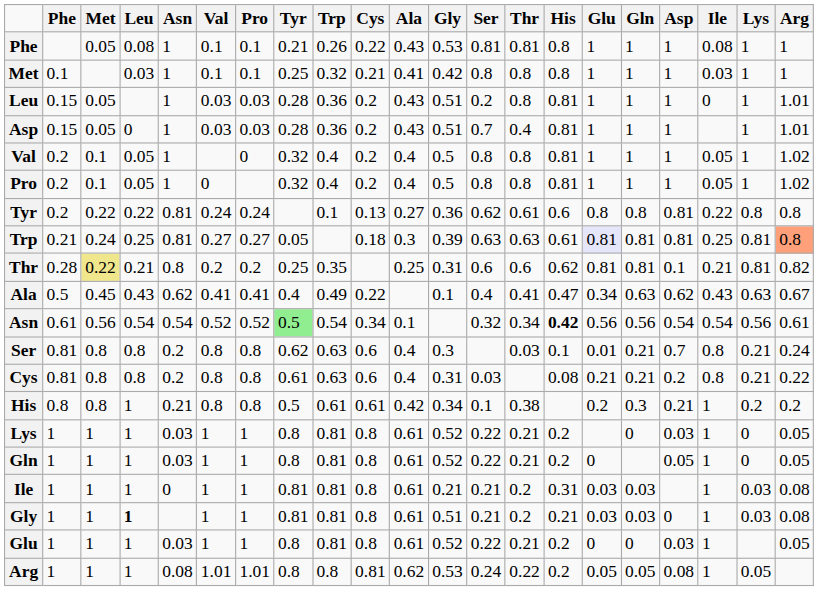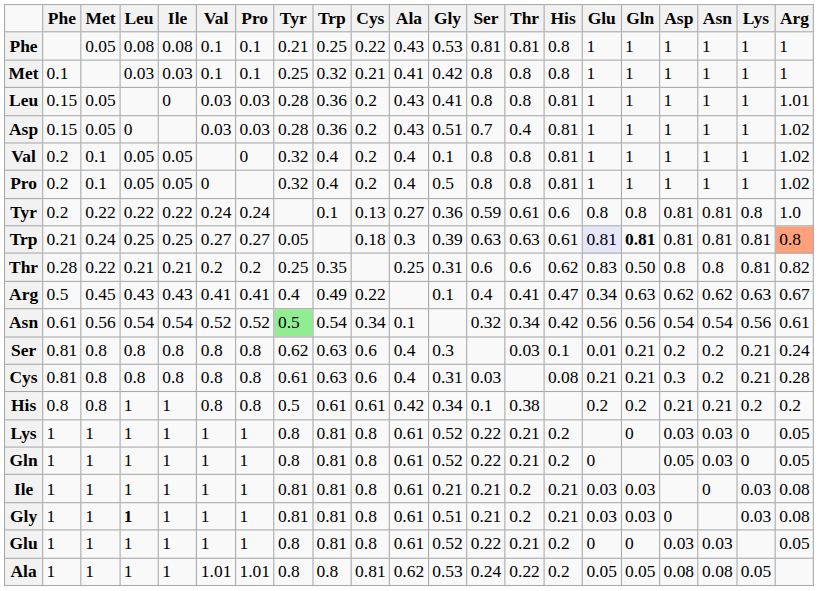 <table class="wikitable">
 <tr>
 <td></td>
 <th>Phe</th>
 <th>Met</th>
 <th>Leu</th>
-<th>Asn</th>
+<th>Ile</th>
 <th>Val</th>
 <th>Pro</th>
 <th>Tyr</th>
 <th>Trp</th>
 <th>Cys</th>
 <th>Ala</th>
 <th>Gly</th>
 <th>Ser</th>
 <th>Thr</th>
 <th>His</th>
 <th>Glu</th>
 <th>Gln</th>
 <th>Asp</th>
-<th>Ile</th>
+<th>Asn</th>
 <th>Lys</th>
 <th>Arg</th>
 </tr>
 <tr>
 <th>Phe</th>
 <td></td>
 <td>0.05</td>
 <td>0.08</td>
-<td>1</td>
+<td>0.08</td>
 <td>0.1</td>
 <td>0.1</td>
 <td>0.21</td>
-<td>0.26</td>
+<td>0.25</td>
 <td>0.22</td>
 <td>0.43</td>
 <td>0.53</td>
 <td>0.81</td>
 <td>0.81</td>
 <td>0.8</td>
 <td>1</td>
 <td>1</td>
 <td>1</td>
-<td>0.08</td>
+<td>1</td>
 <td>1</td>
 <td>1</td>
 </tr>
 <tr>
 <th>Met</th>
 <td>0.1</td>
 <td></td>
 <td>0.03</td>
-<td>1</td>
+<td>0.03</td>
 <td>0.1</td>
 <td>0.1</td>
 <td>0.25</td>
 <td>0.32</td>
 <td>0.21</td>
 <td>0.41</td>
 <td>0.42</td>
 <td>0.8</td>
 <td>0.8</td>
 <td>0.8</td>
 <td>1</td>
 <td>1</td>
 <td>1</td>
-<td>0.03</td>
+<td>1</td>
 <td>1</td>
 <td>1</td>
 </tr>
 <tr>
 <th>Leu</th>
 <td>0.15</td>
 <td>0.05</td>
 <td></td>
-<td>1</td>
+<td>0</td>
 <td>0.03</td>
 <td>0.03</td>
 <td>0.28</td>
 <td>0.36</td>
 <td>0.2</td>
 <td>0.43</td>
-<td>0.51</td>
-<td>0.2</td>
+<td>0.41</td>
+<td>0.8</td>
 <td>0.8</td>
 <td>0.81</td>
 <td>1</td>
 <td>1</td>
 <td>1</td>
-<td>0</td>
+<td>1</td>
 <td>1</td>
 <td>1.01</td>
 </tr>
 <tr>
 <th>Asp</th>
 <td>0.15</td>
 <td>0.05</td>
 <td>0</td>
-<td>1</td>
+<td></td>
 <td>0.03</td>
 <td>0.03</td>
 <td>0.28</td>
 <td>0.36</td>
 <td>0.2</td>
 <td>0.43</td>
 <td>0.51</td>
 <td>0.7</td>
 <td>0.4</td>
 <td>0.81</td>
 <td>1</td>
 <td>1</td>
 <td>1</td>
-<td></td>
 <td>1</td>
-<td>1.01</td>
+<td>1</td>
+<td>1.02</td>
 </tr>
 <tr>
 <th>Val</th>
 <td>0.2</td>
 <td>0.1</td>
 <td>0.05</td>
-<td>1</td>
+<td>0.05</td>
 <td></td>
 <td>0</td>
 <td>0.32</td>
 <td>0.4</td>
 <td>0.2</td>
 <td>0.4</td>
-<td>0.5</td>
+<td>0.1</td>
 <td>0.8</td>
 <td>0.8</td>
 <td>0.81</td>
 <td>1</td>
 <td>1</td>
 <td>1</td>
-<td>0.05</td>
+<td>1</td>
 <td>1</td>
 <td>1.02</td>
 </tr>
 <tr>
 <th>Pro</th>
 <td>0.2</td>
 <td>0.1</td>
 <td>0.05</td>
-<td>1</td>
+<td>0.05</td>
 <td>0</td>
 <td></td>
 <td>0.32</td>
 <td>0.4</td>
 <td>0.2</td>
 <td>0.4</td>
 <td>0.5</td>
 <td>0.8</td>
 <td>0.8</td>
 <td>0.81</td>
 <td>1</td>
 <td>1</td>
 <td>1</td>
-<td>0.05</td>
+<td>1</td>
 <td>1</td>
 <td>1.02</td>
 </tr>
 <tr>
 <th>Tyr</th>
 <td>0.2</td>
 <td>0.22</td>
 <td>0.22</td>
-<td>0.81</td>
+<td>0.22</td>
 <td>0.24</td>
 <td>0.24</td>
 <td></td>
 <td>0.1</td>
 <td>0.13</td>
 <td>0.27</td>
 <td>0.36</td>
-<td>0.62</td>
+<td>0.59</td>
 <td>0.61</td>
 <td>0.6</td>
 <td>0.8</td>
 <td>0.8</td>
 <td>0.81</td>
-<td>0.22</td>
+<td>0.81</td>
 <td>0.8</td>
-<td>0.8</td>
+<td>1.0</td>
 </tr>
 <tr>
 <th>Trp</th>
 <td>0.21</td>
 <td>0.24</td>
 <td>0.25</td>
-<td>0.81</td>
+<td>0.25</td>
 <td>0.27</td>
 <td>0.27</td>
 <td>0.05</td>
 <td></td>
 <td>0.18</td>
 <td>0.3</td>
 <td>0.39</td>
 <td>0.63</td>
 <td>0.63</td>
 <td>0.61</td>
 <td style="background: lavender;">0.81</td>
+<td><strong>0.81</strong></td>
 <td>0.81</td>
 <td>0.81</td>
-<td>0.25</td>
 <td>0.81</td>
 <td style="background: lightsalmon;">0.8</td>
 </tr>
 <tr>
 <th>Thr</th>
 <td>0.28</td>
-<td style="background: khaki;">0.22</td>
+<td>0.22</td>
 <td>0.21</td>
-<td>0.8</td>
+<td>0.21</td>
 <td>0.2</td>
 <td>0.2</td>
 <td>0.25</td>
 <td>0.35</td>
 <td></td>
 <td>0.25</td>
 <td>0.31</td>
 <td>0.6</td>
 <td>0.6</td>
 <td>0.62</td>
-<td>0.81</td>
-<td>0.81</td>
-<td>0.1</td>
-<td>0.21</td>
+<td>0.83</td>
+<td>0.50</td>
+<td>0.8</td>
+<td>0.8</td>
 <td>0.81</td>
 <td>0.82</td>
 </tr>
 <tr>
-<th>Ala</th>
+<th>Arg</th>
 <td>0.5</td>
 <td>0.45</td>
 <td>0.43</td>
-<td>0.62</td>
+<td>0.43</td>
 <td>0.41</td>
 <td>0.41</td>
 <td>0.4</td>
 <td>0.49</td>
 <td>0.22</td>
 <td></td>
 <td>0.1</td>
 <td>0.4</td>
 <td>0.41</td>
 <td>0.47</td>
 <td>0.34</td>
 <td>0.63</td>
 <td>0.62</td>
-<td>0.43</td>
+<td>0.62</td>
 <td>0.63</td>
 <td>0.67</td>
 </tr>
 <tr>
 <th>Asn</th>
 <td>0.61</td>
 <td>0.56</td>
 <td>0.54</td>
 <td>0.54</td>
 <td>0.52</td>
 <td>0.52</td>
 <td style="background: lightgreen;">0.5</td>
 <td>0.54</td>
 <td>0.34</td>
 <td>0.1</td>
 <td></td>
 <td>0.32</td>
 <td>0.34</td>
-<td><strong>0.42</strong></td>
+<td>0.42</td>
 <td>0.56</td>
 <td>0.56</td>
 <td>0.54</td>
 <td>0.54</td>
 <td>0.56</td>
 <td>0.61</td>
 </tr>
 <tr>
 <th>Ser</th>
 <td>0.81</td>
 <td>0.8</td>
 <td>0.8</td>
-<td>0.2</td>
+<td>0.8</td>
 <td>0.8</td>
 <td>0.8</td>
 <td>0.62</td>
 <td>0.63</td>
 <td>0.6</td>
 <td>0.4</td>
 <td>0.3</td>
 <td></td>
 <td>0.03</td>
 <td>0.1</td>
 <td>0.01</td>
 <td>0.21</td>
-<td>0.7</td>
-<td>0.8</td>
+<td>0.2</td>
+<td>0.2</td>
 <td>0.21</td>
 <td>0.24</td>
 </tr>
 <tr>
 <th>Cys</th>
 <td>0.81</td>
 <td>0.8</td>
 <td>0.8</td>
-<td>0.2</td>
+<td>0.8</td>
 <td>0.8</td>
 <td>0.8</td>
 <td>0.61</td>
 <td>0.63</td>
 <td>0.6</td>
 <td>0.4</td>
 <td>0.31</td>
 <td>0.03</td>
 <td></td>
 <td>0.08</td>
 <td>0.21</td>
 <td>0.21</td>
+<td>0.3</td>
 <td>0.2</td>
-<td>0.8</td>
 <td>0.21</td>
-<td>0.22</td>
+<td>0.28</td>
 </tr>
 <tr>
 <th>His</th>
 <td>0.8</td>
 <td>0.8</td>
 <td>1</td>
-<td>0.21</td>
+<td>1</td>
 <td>0.8</td>
 <td>0.8</td>
 <td>0.5</td>
 <td>0.61</td>
 <td>0.61</td>
 <td>0.42</td>
 <td>0.34</td>
 <td>0.1</td>
 <td>0.38</td>
 <td></td>
 <td>0.2</td>
-<td>0.3</td>
+<td>0.2</td>
 <td>0.21</td>
-<td>1</td>
+<td>0.21</td>
 <td>0.2</td>
 <td>0.2</td>
 </tr>
 <tr>
 <th>Lys</th>
 <td>1</td>
 <td>1</td>
 <td>1</td>
-<td>0.03</td>
+<td>1</td>
 <td>1</td>
 <td>1</td>
 <td>0.8</td>
 <td>0.81</td>
 <td>0.8</td>
 <td>0.61</td>
 <td>0.52</td>
 <td>0.22</td>
 <td>0.21</td>
 <td>0.2</td>
 <td></td>
 <td>0</td>
 <td>0.03</td>
-<td>1</td>
+<td>0.03</td>
 <td>0</td>
 <td>0.05</td>
 </tr>
 <tr>
 <th>Gln</th>
 <td>1</td>
 <td>1</td>
 <td>1</td>
-<td>0.03</td>
+<td>1</td>
 <td>1</td>
 <td>1</td>
 <td>0.8</td>
 <td>0.81</td>
 <td>0.8</td>
 <td>0.61</td>
 <td>0.52</td>
 <td>0.22</td>
 <td>0.21</td>
 <td>0.2</td>
 <td>0</td>
 <td></td>
 <td>0.05</td>
-<td>1</td>
+<td>0.03</td>
 <td>0</td>
 <td>0.05</td>
 </tr>
 <tr>
 <th>Ile</th>
 <td>1</td>
 <td>1</td>
 <td>1</td>
-<td>0</td>
+<td>1</td>
 <td>1</td>
 <td>1</td>
 <td>0.81</td>
 <td>0.81</td>
 <td>0.8</td>
 <td>0.61</td>
 <td>0.21</td>
 <td>0.21</td>
 <td>0.2</td>
-<td>0.31</td>
+<td>0.21</td>
 <td>0.03</td>
 <td>0.03</td>
 <td></td>
-<td>1</td>
+<td>0</td>
 <td>0.03</td>
 <td>0.08</td>
 </tr>
 <tr>
 <th>Gly</th>
 <td>1</td>
 <td>1</td>
 <td><strong>1</strong></td>
-<td></td>
+<td>1</td>
 <td>1</td>
 <td>1</td>
 <td>0.81</td>
 <td>0.81</td>
 <td>0.8</td>
 <td>0.61</td>
 <td>0.51</td>
 <td>0.21</td>
 <td>0.2</td>
 <td>0.21</td>
 <td>0.03</td>
 <td>0.03</td>
 <td>0</td>
-<td>1</td>
+<td></td>
 <td>0.03</td>
 <td>0.08</td>
 </tr>
 <tr>
 <th>Glu</th>
 <td>1</td>
 <td>1</td>
 <td>1</td>
-<td>0.03</td>
+<td>1</td>
 <td>1</td>
 <td>1</td>
 <td>0.8</td>
 <td>0.81</td>
 <td>0.8</td>
 <td>0.61</td>
 <td>0.52</td>
 <td>0.22</td>
 <td>0.21</td>
 <td>0.2</td>
 <td>0</td>
 <td>0</td>
 <td>0.03</td>
-<td>1</td>
+<td>0.03</td>
 <td></td>
 <td>0.05</td>
 </tr>
 <tr>
-<th>Arg</th>
+<th>Ala</th>
 <td>1</td>
 <td>1</td>
 <td>1</td>
-<td>0.08</td>
+<td>1</td>
 <td>1.01</td>
 <td>1.01</td>
 <td>0.8</td>
 <td>0.8</td>
 <td>0.81</td>
 <td>0.62</td>
 <td>0.53</td>
 <td>0.24</td>
 <td>0.22</td>
 <td>0.2</td>
 <td>0.05</td>
 <td>0.05</td>
 <td>0.08</td>
-<td>1</td>
+<td>0.08</td>
 <td>0.05</td>
 <td></td>
 </tr>
 </table>
